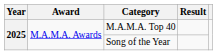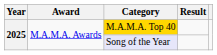 <table class="wikitable plainrowheaders">
 <tr>
 <th scope="col">Year</th>
 <th scope="col">Award</th>
 <th scope="col">Category</th>
 <th scope="col">Result</th>
 <th scope="col"></th>
 </tr>
 <tr>
 <th rowspan="2">2025</th>
 <td rowspan="2"><a href='#'>M.A.M.A. Awards</a></td>
-<td>M.A.M.A. Top 40</td>
+<td style="background: gold;">M.A.M.A. Top 40</td>
 <td></td>
 <td rowspan="2"></td>
 </tr>
 <tr>
-<td>Song of the Year</td>
+<td style="background: lavender;">Song of the Year</td>
 <td></td>
 </tr>
 </table>
